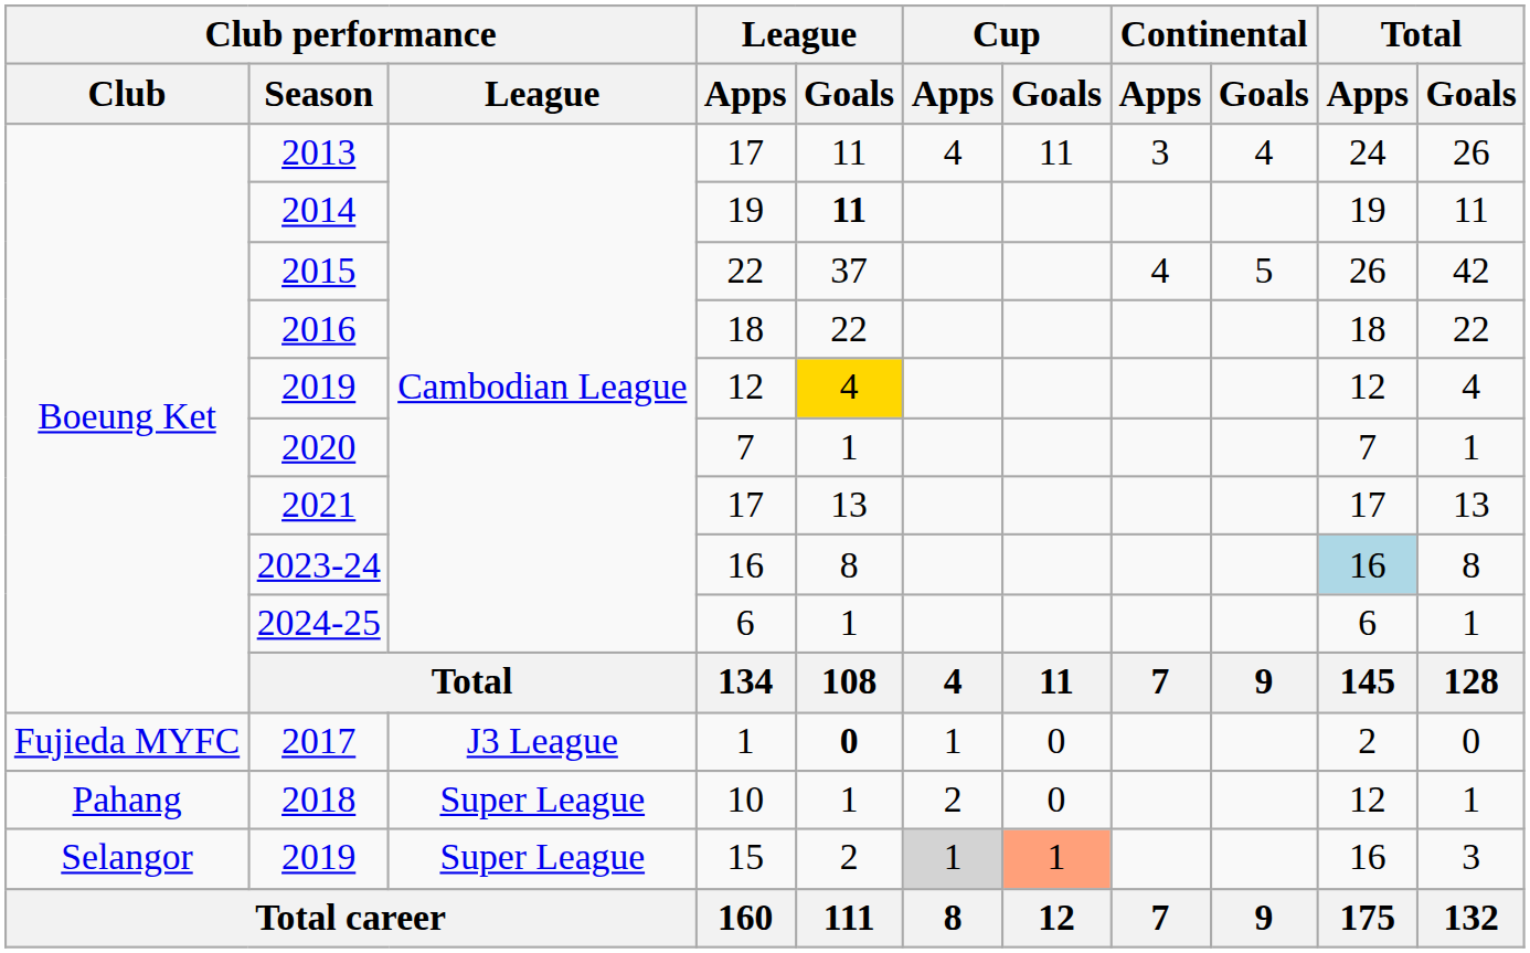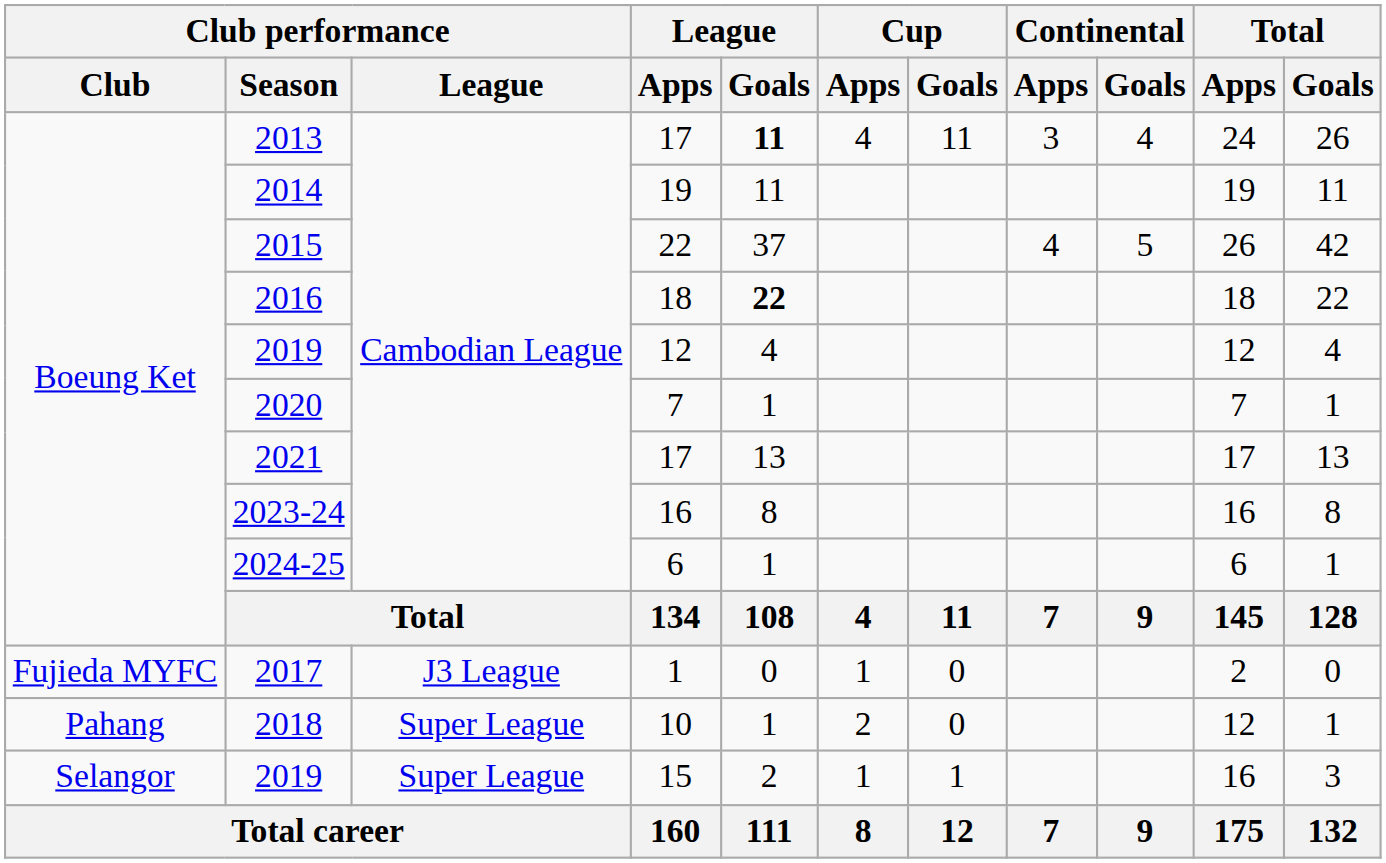 <table class="wikitable" style="text-align:center;">
 <tr>
 <th colspan=3>Club performance</th>
 <th colspan=2>League</th>
 <th colspan=2>Cup</th>
 <th colspan=2>Continental</th>
 <th colspan=2>Total</th>
 </tr>
 <tr>
 <th>Club</th>
 <th>Season</th>
 <th>League</th>
 <th>Apps</th>
 <th>Goals</th>
 <th>Apps</th>
 <th>Goals</th>
 <th>Apps</th>
 <th>Goals</th>
 <th>Apps</th>
 <th>Goals</th>
 </tr>
 <tr>
 <td rowspan=10><a href='#'>Boeung Ket</a></td>
 <td><a href='#'>2013</a></td>
 <td rowspan=9><a href='#'>Cambodian League</a></td>
 <td>17</td>
-<td>11</td>
+<td><strong>11</strong></td>
 <td>4</td>
 <td>11</td>
 <td>3</td>
 <td>4</td>
 <td>24</td>
 <td>26</td>
 </tr>
 <tr>
 <td><a href='#'>2014</a></td>
 <td>19</td>
-<td><strong>11</strong></td>
+<td>11</td>
 <td></td>
 <td></td>
 <td></td>
 <td></td>
 <td>19</td>
 <td>11</td>
 </tr>
 <tr>
 <td><a href='#'>2015</a></td>
 <td>22</td>
 <td>37</td>
 <td></td>
 <td></td>
 <td>4</td>
 <td>5</td>
 <td>26</td>
 <td>42</td>
 </tr>
 <tr>
 <td><a href='#'>2016</a></td>
 <td>18</td>
-<td>22</td>
+<td><strong>22</strong></td>
 <td></td>
 <td></td>
 <td></td>
 <td></td>
 <td>18</td>
 <td>22</td>
 </tr>
 <tr>
 <td><a href='#'>2019</a></td>
 <td>12</td>
-<td style="background: gold;">4</td>
+<td>4</td>
 <td></td>
 <td></td>
 <td></td>
 <td></td>
 <td>12</td>
 <td>4</td>
 </tr>
 <tr>
 <td><a href='#'>2020</a></td>
 <td>7</td>
 <td>1</td>
 <td></td>
 <td></td>
 <td></td>
 <td></td>
 <td>7</td>
 <td>1</td>
 </tr>
 <tr>
 <td><a href='#'>2021</a></td>
 <td>17</td>
 <td>13</td>
 <td></td>
 <td></td>
 <td></td>
 <td></td>
 <td>17</td>
 <td>13</td>
 </tr>
 <tr>
 <td><a href='#'>2023-24</a></td>
 <td>16</td>
 <td>8</td>
 <td></td>
 <td></td>
 <td></td>
 <td></td>
-<td style="background: lightblue;">16</td>
+<td>16</td>
 <td>8</td>
 </tr>
 <tr>
 <td><a href='#'>2024-25</a></td>
 <td>6</td>
 <td>1</td>
 <td></td>
 <td></td>
 <td></td>
 <td></td>
 <td>6</td>
 <td>1</td>
 </tr>
 <tr>
 <th colspan=2>Total</th>
 <th>134</th>
 <th>108</th>
 <th>4</th>
 <th>11</th>
 <th>7</th>
 <th>9</th>
 <th>145</th>
 <th>128</th>
 </tr>
 <tr>
 <td><a href='#'>Fujieda MYFC</a></td>
 <td><a href='#'>2017</a></td>
 <td><a href='#'>J3 League</a></td>
 <td>1</td>
-<td><strong>0</strong></td>
+<td>0</td>
 <td>1</td>
 <td>0</td>
 <td></td>
 <td></td>
 <td>2</td>
 <td>0</td>
 </tr>
 <tr>
 <td><a href='#'>Pahang</a></td>
 <td><a href='#'>2018</a></td>
 <td><a href='#'>Super League</a></td>
 <td>10</td>
 <td>1</td>
 <td>2</td>
 <td>0</td>
 <td></td>
 <td></td>
 <td>12</td>
 <td>1</td>
 </tr>
 <tr>
 <td><a href='#'>Selangor</a></td>
 <td><a href='#'>2019</a></td>
 <td><a href='#'>Super League</a></td>
 <td>15</td>
 <td>2</td>
-<td style="background: lightgrey;">1</td>
-<td style="background: lightsalmon;">1</td>
+<td>1</td>
+<td>1</td>
 <td></td>
 <td></td>
 <td>16</td>
 <td>3</td>
 </tr>
 <tr>
 <th colspan=3>Total career</th>
 <th>160</th>
 <th>111</th>
 <th>8</th>
 <th>12</th>
 <th>7</th>
 <th>9</th>
 <th>175</th>
 <th>132</th>
 </tr>
 </table>
